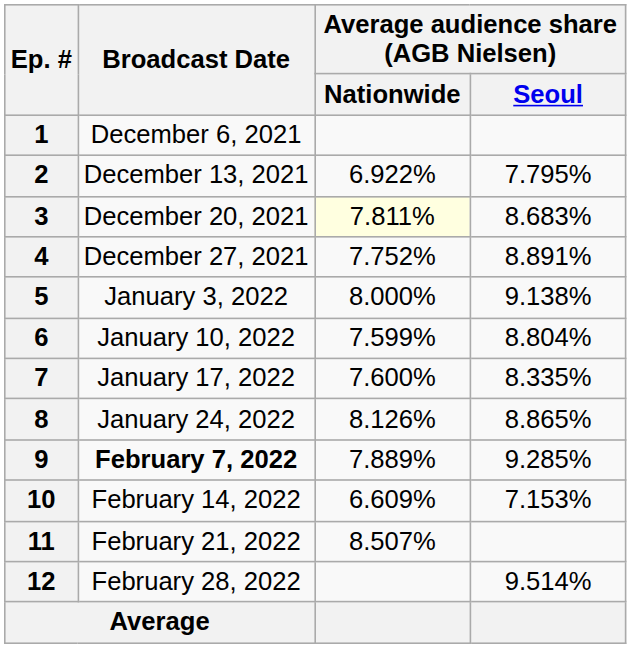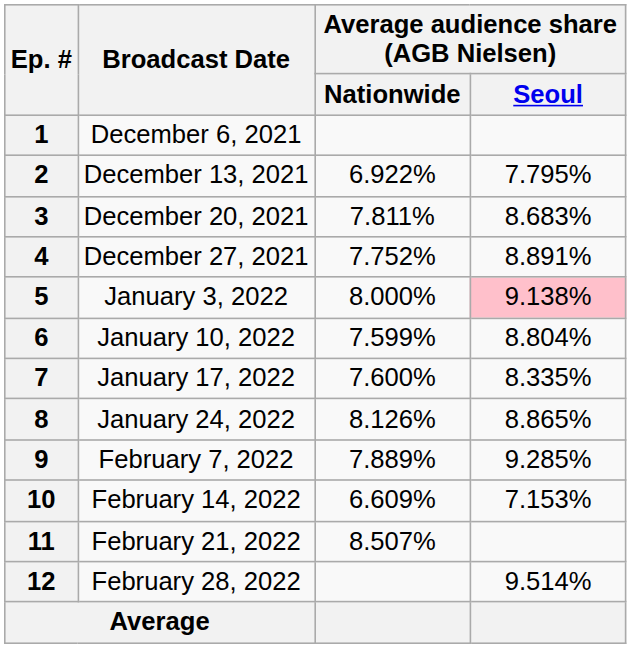 <table class="wikitable sortable" style="text-align:center;">
 <tr>
 <th rowspan="2">Ep. #</th>
 <th rowspan="2">Broadcast Date</th>
 <th colspan="2">Average audience share<br>(AGB Nielsen)</th>
 </tr>
 <tr>
 <th width="90">Nationwide</th>
 <th width="90"><a href='#'>Seoul</a></th>
 </tr>
 <tr>
 <th>1</th>
 <td>December 6, 2021</td>
 <td></td>
 <td></td>
 </tr>
 <tr>
 <th>2</th>
 <td>December 13, 2021</td>
 <td>6.922%</td>
 <td>7.795%</td>
 </tr>
 <tr>
 <th>3</th>
 <td>December 20, 2021</td>
-<td style="background: lightyellow;">7.811%</td>
+<td>7.811%</td>
 <td>8.683%</td>
 </tr>
 <tr>
 <th>4</th>
 <td>December 27, 2021</td>
 <td>7.752%</td>
 <td>8.891%</td>
 </tr>
 <tr>
 <th>5</th>
 <td>January 3, 2022</td>
 <td>8.000%</td>
-<td>9.138%</td>
+<td style="background: pink;">9.138%</td>
 </tr>
 <tr>
 <th>6</th>
 <td>January 10, 2022</td>
 <td>7.599%</td>
 <td>8.804%</td>
 </tr>
 <tr>
 <th>7</th>
 <td>January 17, 2022</td>
 <td>7.600%</td>
 <td>8.335%</td>
 </tr>
 <tr>
 <th>8</th>
 <td>January 24, 2022</td>
 <td>8.126%</td>
 <td>8.865%</td>
 </tr>
 <tr>
 <th>9</th>
-<td><strong>February 7, 2022</strong></td>
+<td>February 7, 2022</td>
 <td>7.889%</td>
 <td>9.285%</td>
 </tr>
 <tr>
 <th>10</th>
 <td>February 14, 2022</td>
 <td>6.609%</td>
 <td>7.153%</td>
 </tr>
 <tr>
 <th>11</th>
 <td>February 21, 2022</td>
 <td>8.507%</td>
 <td></td>
 </tr>
 <tr>
 <th>12</th>
 <td>February 28, 2022</td>
 <td></td>
 <td>9.514%</td>
 </tr>
 <tr>
 <th colspan="2">Average</th>
 <th></th>
 <th></th>
 </tr>
 </table>
